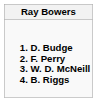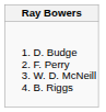 <table class="wikitable">
 <tr>
 <th>Ray Bowers</th>
 </tr>
 <tr style="vertical-align: top;">
-<td style="white-space: nowrap;"><strong><br><ol><li> D. Budge</li><li> F. Perry</li><li> W. D. McNeill</li><li> B. Riggs</li></ol></strong></td>
+<td style="white-space: nowrap;"><br><ol><li> D. Budge</li><li> F. Perry</li><li> W. D. McNeill</li><li> B. Riggs</li></ol></td>
 </tr>
 </table>
